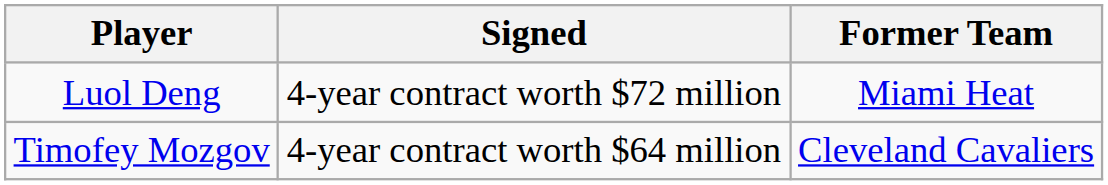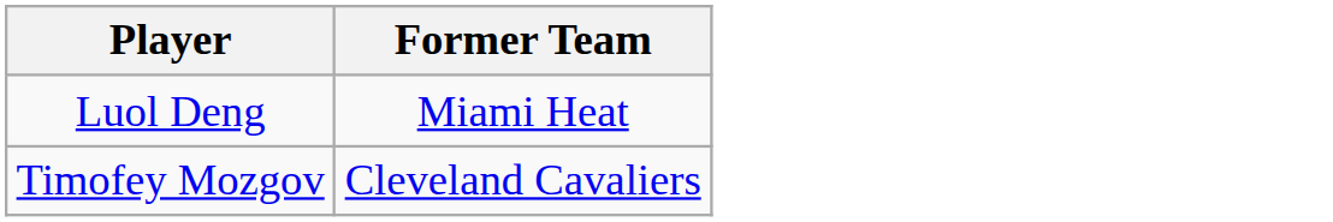 <table class="wikitable sortable sortable">
 <tr>
 <th>Player</th>
-<th>Signed</th>
 <th>Former Team</th>
 </tr>
 <tr style="text-align: center">
 <td><a href='#'>Luol Deng</a></td>
-<td>4-year contract worth $72 million</td>
 <td><a href='#'>Miami Heat</a></td>
 </tr>
 <tr style="text-align: center">
 <td><a href='#'>Timofey Mozgov</a></td>
-<td>4-year contract worth $64 million</td>
 <td><a href='#'>Cleveland Cavaliers</a></td>
 </tr>
 </table>
